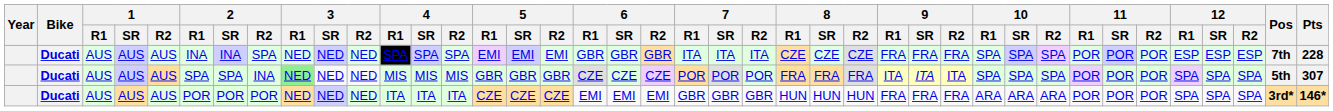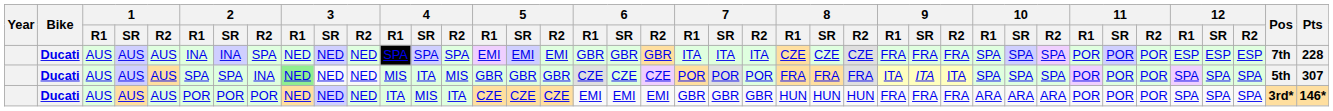 <table class="wikitable" style="text-align:center; font-size:90%;">
 <tr>
 <th rowspan="2">Year</th>
 <th rowspan="2">Bike</th>
 <th colspan="3">1</th>
 <th colspan="3">2</th>
 <th colspan="3">3</th>
 <th colspan="3">4</th>
 <th colspan="3">5</th>
 <th colspan="3">6</th>
 <th colspan="3">7</th>
 <th colspan="3">8</th>
 <th colspan="3">9</th>
 <th colspan="3">10</th>
 <th colspan="3">11</th>
 <th colspan="3">12</th>
 <th rowspan="2">Pos</th>
 <th rowspan="2">Pts</th>
 </tr>
 <tr>
 <th>R1</th>
 <th>SR</th>
 <th>R2</th>
 <th>R1</th>
 <th>SR</th>
 <th>R2</th>
 <th>R1</th>
 <th>SR</th>
 <th>R2</th>
 <th>R1</th>
 <th>SR</th>
 <th>R2</th>
 <th>R1</th>
 <th>SR</th>
 <th>R2</th>
 <th>R1</th>
 <th>SR</th>
 <th>R2</th>
 <th>R1</th>
 <th>SR</th>
 <th>R2</th>
 <th>R1</th>
 <th>SR</th>
 <th>R2</th>
 <th>R1</th>
 <th>SR</th>
 <th>R2</th>
 <th>R1</th>
 <th>SR</th>
 <th>R2</th>
 <th>R1</th>
 <th>SR</th>
 <th>R2</th>
 <th>R1</th>
 <th>SR</th>
 <th>R2</th>
 </tr>
 <tr>
 <th></th>
 <th><a href='#'>Ducati</a></th>
 <td style="background:#dfffdf;"><a href='#'>AUS</a><br></td>
 <td style="background:#cfcfff;"><a href='#'>AUS</a><br></td>
 <td style="background:#dfffdf;"><a href='#'>AUS</a><br></td>
 <td style="background:#dfffdf;"><a href='#'>INA</a><br></td>
 <td style="background:#cfcfff;"><a href='#'>INA</a><br></td>
 <td style="background:#DFFFDF;"><a href='#'>SPA</a><br></td>
 <td style="background:#dfffdf;"><a href='#'>NED</a><br></td>
 <td style="background:#cfcfff;"><a href='#'>NED</a><br></td>
 <td style="background:#dfffdf;"><a href='#'>NED</a><br></td>
 <td style="background:#000000; color:#FFFFFF;"><a href='#'><span>SPA</span></a><br></td>
 <td style="background:#cfcfff;"><a href='#'>SPA</a><br></td>
 <td style="background:#dfffdf;"><a href='#'>SPA</a><br></td>
 <td style="background:#efcfff;"><a href='#'>EMI</a><br></td>
 <td style="background:#cfcfff;"><a href='#'>EMI</a><br></td>
 <td style="background:#dfffdf;"><a href='#'>EMI</a><br></td>
 <td style="background:#dfffdf;"><a href='#'>GBR</a><br></td>
 <td style="background:#dfffdf;"><a href='#'>GBR</a><br></td>
 <td style="background:#ffdf9f;"><a href='#'>GBR</a><br></td>
 <td style="background:#dfffdf;"><a href='#'>ITA</a><br></td>
 <td style="background:#dfffdf;"><a href='#'>ITA</a><br></td>
 <td style="background:#dfffdf;"><a href='#'>ITA</a><br></td>
 <td style="background:#ffdf9f;"><a href='#'>CZE</a><br></td>
 <td style="background:#dfffdf;"><a href='#'>CZE</a><br></td>
 <td style="background:#dfdfdf;"><a href='#'>CZE</a><br></td>
 <td style="background:#dfffdf;"><a href='#'>FRA</a><br></td>
 <td style="background:#dfffdf;"><a href='#'>FRA</a><br></td>
 <td style="background:#dfffdf;"><a href='#'>FRA</a><br></td>
 <td style="background:#dfffdf;"><a href='#'>SPA</a><br></td>
 <td style="background:#cfcfff;"><a href='#'>SPA</a><br></td>
 <td style="background:#efcfff;"><a href='#'>SPA</a><br></td>
 <td style="background:#dfffdf;"><a href='#'>POR</a><br></td>
 <td style="background:#cfcfff;"><a href='#'>POR</a><br></td>
 <td style="background:#dfffdf;"><a href='#'>POR</a><br></td>
 <td style="background:#dfffdf;"><a href='#'>ESP</a><br></td>
 <td style="background:#dfffdf;"><a href='#'>ESP</a><br></td>
 <td style="background:#dfffdf;"><a href='#'>ESP</a><br></td>
 <th>7th</th>
 <th>228</th>
 </tr>
 <tr>
 <th></th>
 <th><a href='#'>Ducati</a></th>
 <td style="background:#DFFFDF;"><a href='#'>AUS</a><br></td>
 <td style="background:#CFCFFF;"><a href='#'>AUS</a><br></td>
 <td style="background:#FFDF9F;"><a href='#'>AUS</a><br></td>
 <td style="background:#DFFFDF;"><a href='#'>SPA</a><br></td>
 <td style="background:#DFFFDF;"><a href='#'>SPA</a><br></td>
 <td style="background:#dfffdf;"><a href='#'>INA</a><br></td>
 <td style="background: lightgreen;"><a href='#'>NED</a></td>
 <td><a href='#'>NED</a></td>
 <td><a href='#'>NED</a></td>
 <td style="background:#DFFFDF;"><a href='#'>MIS</a><br></td>
-<td style="background:#DFFFDF;"><a href='#'>MIS</a><br></td>
+<td style="background:#DFFFDF;"><a href='#'>ITA</a><br></td>
 <td style="background:#DFFFDF;"><a href='#'>MIS</a><br></td>
 <td style="background:#DFFFDF;"><a href='#'>GBR</a><br></td>
 <td style="background:#DFFFDF;"><a href='#'>GBR</a><br></td>
 <td style="background:#DFFFDF;"><a href='#'>GBR</a><br></td>
 <td style="background:#DFDFDF;"><a href='#'>CZE</a><br></td>
 <td style="background:#DFFFDF;"><a href='#'>CZE</a><br></td>
 <td style="background:#EFCFFF;"><a href='#'>CZE</a><br></td>
 <td style="background:#FFDF9F;"><a href='#'>POR</a><br></td>
 <td style="background:#DFDFDF;"><a href='#'>POR</a><br></td>
 <td style="background:#DFFFDF;"><a href='#'>POR</a><br></td>
 <td style="background:#FFDF9F;"><a href='#'>FRA</a><br></td>
 <td style="background:#FFDF9F;"><a href='#'>FRA</a><br></td>
 <td style="background:#DFDFDF;"><a href='#'>FRA</a><br></td>
 <td style="background:#FFFFBF;"><a href='#'>ITA</a><br></td>
 <td style="background:#FFFFBF;"><em><a href='#'>ITA</a></em><br></td>
 <td style="background:#FFFFBF;"><a href='#'>ITA</a><br></td>
 <td style="background:#DFFFDF;"><a href='#'>SPA</a><br></td>
 <td style="background:#DFFFDF;"><a href='#'>SPA</a><br></td>
 <td style="background:#DFFFDF;"><a href='#'>SPA</a><br></td>
 <td style="background:#EFCFFF;"><a href='#'>POR</a><br></td>
 <td style="background:#DFFFDF;"><a href='#'>POR</a><br></td>
 <td style="background:#DFFFDF;"><a href='#'>POR</a><br></td>
 <td style="background:#EFCFFF;"><a href='#'>SPA</a><br></td>
 <td style="background:#DFFFDF;"><a href='#'>SPA</a><br></td>
 <td style="background:#DFFFDF;"><a href='#'>SPA</a><br></td>
 <th>5th</th>
 <th>307</th>
 </tr>
 <tr>
 <th></th>
 <th><a href='#'>Ducati</a></th>
 <td style="background:#DFFFDF;"><a href='#'>AUS</a><br></td>
 <td style="background:#FFDF9F;"><a href='#'>AUS</a><br></td>
 <td style="background:#DFFFDF;"><a href='#'>AUS</a><br></td>
 <td style="background:#DFFFDF;"><a href='#'>POR</a><br></td>
 <td style="background:#DFFFDF;"><a href='#'>POR</a><br></td>
 <td style="background:#DFFFDF;"><a href='#'>POR</a><br></td>
 <td style="background:#FFDF9F;"><a href='#'>NED</a><br></td>
 <td style="background:#CFCFFF;"><a href='#'>NED</a><br></td>
 <td style="background:#DFFFDF;"><a href='#'>NED</a><br></td>
 <td style="background:#DFFFDF;"><a href='#'>ITA</a><br></td>
-<td style="background:#DFFFDF;"><a href='#'>ITA</a><br></td>
+<td style="background:#DFFFDF;"><a href='#'>MIS</a><br></td>
 <td style="background:#DFFFDF;"><a href='#'>ITA</a><br></td>
 <td style="background:#FFDF9F;"><a href='#'>CZE</a><br></td>
 <td style="background:#FFDF9F;"><a href='#'>CZE</a><br></td>
 <td style="background:#FFDF9F;"><a href='#'>CZE</a><br></td>
 <td style="background:#;"><a href='#'>EMI</a><br></td>
 <td style="background:#;"><a href='#'>EMI</a><br></td>
 <td style="background:#;"><a href='#'>EMI</a><br></td>
 <td style="background:#;"><a href='#'>GBR</a><br></td>
 <td style="background:#;"><a href='#'>GBR</a><br></td>
 <td style="background:#;"><a href='#'>GBR</a><br></td>
 <td style="background:#;"><a href='#'>HUN</a><br></td>
 <td style="background:#;"><a href='#'>HUN</a><br></td>
 <td style="background:#;"><a href='#'>HUN</a><br></td>
 <td style="background:#;"><a href='#'>FRA</a><br></td>
 <td style="background:#;"><a href='#'>FRA</a><br></td>
 <td style="background:#;"><a href='#'>FRA</a><br></td>
 <td style="background:#;"><a href='#'>ARA</a><br></td>
 <td style="background:#;"><a href='#'>ARA</a><br></td>
 <td style="background:#;"><a href='#'>ARA</a><br></td>
 <td style="background:#;"><a href='#'>POR</a><br></td>
 <td style="background:#;"><a href='#'>POR</a><br></td>
 <td style="background:#;"><a href='#'>POR</a><br></td>
 <td style="background:#;"><a href='#'>SPA</a><br></td>
 <td style="background:#;"><a href='#'>SPA</a><br></td>
 <td style="background:#;"><a href='#'>SPA</a><br></td>
 <th style="background:#FFDF9F;">3rd*</th>
 <th style="background:#FFDF9F;">146*</th>
 </tr>
 </table>
